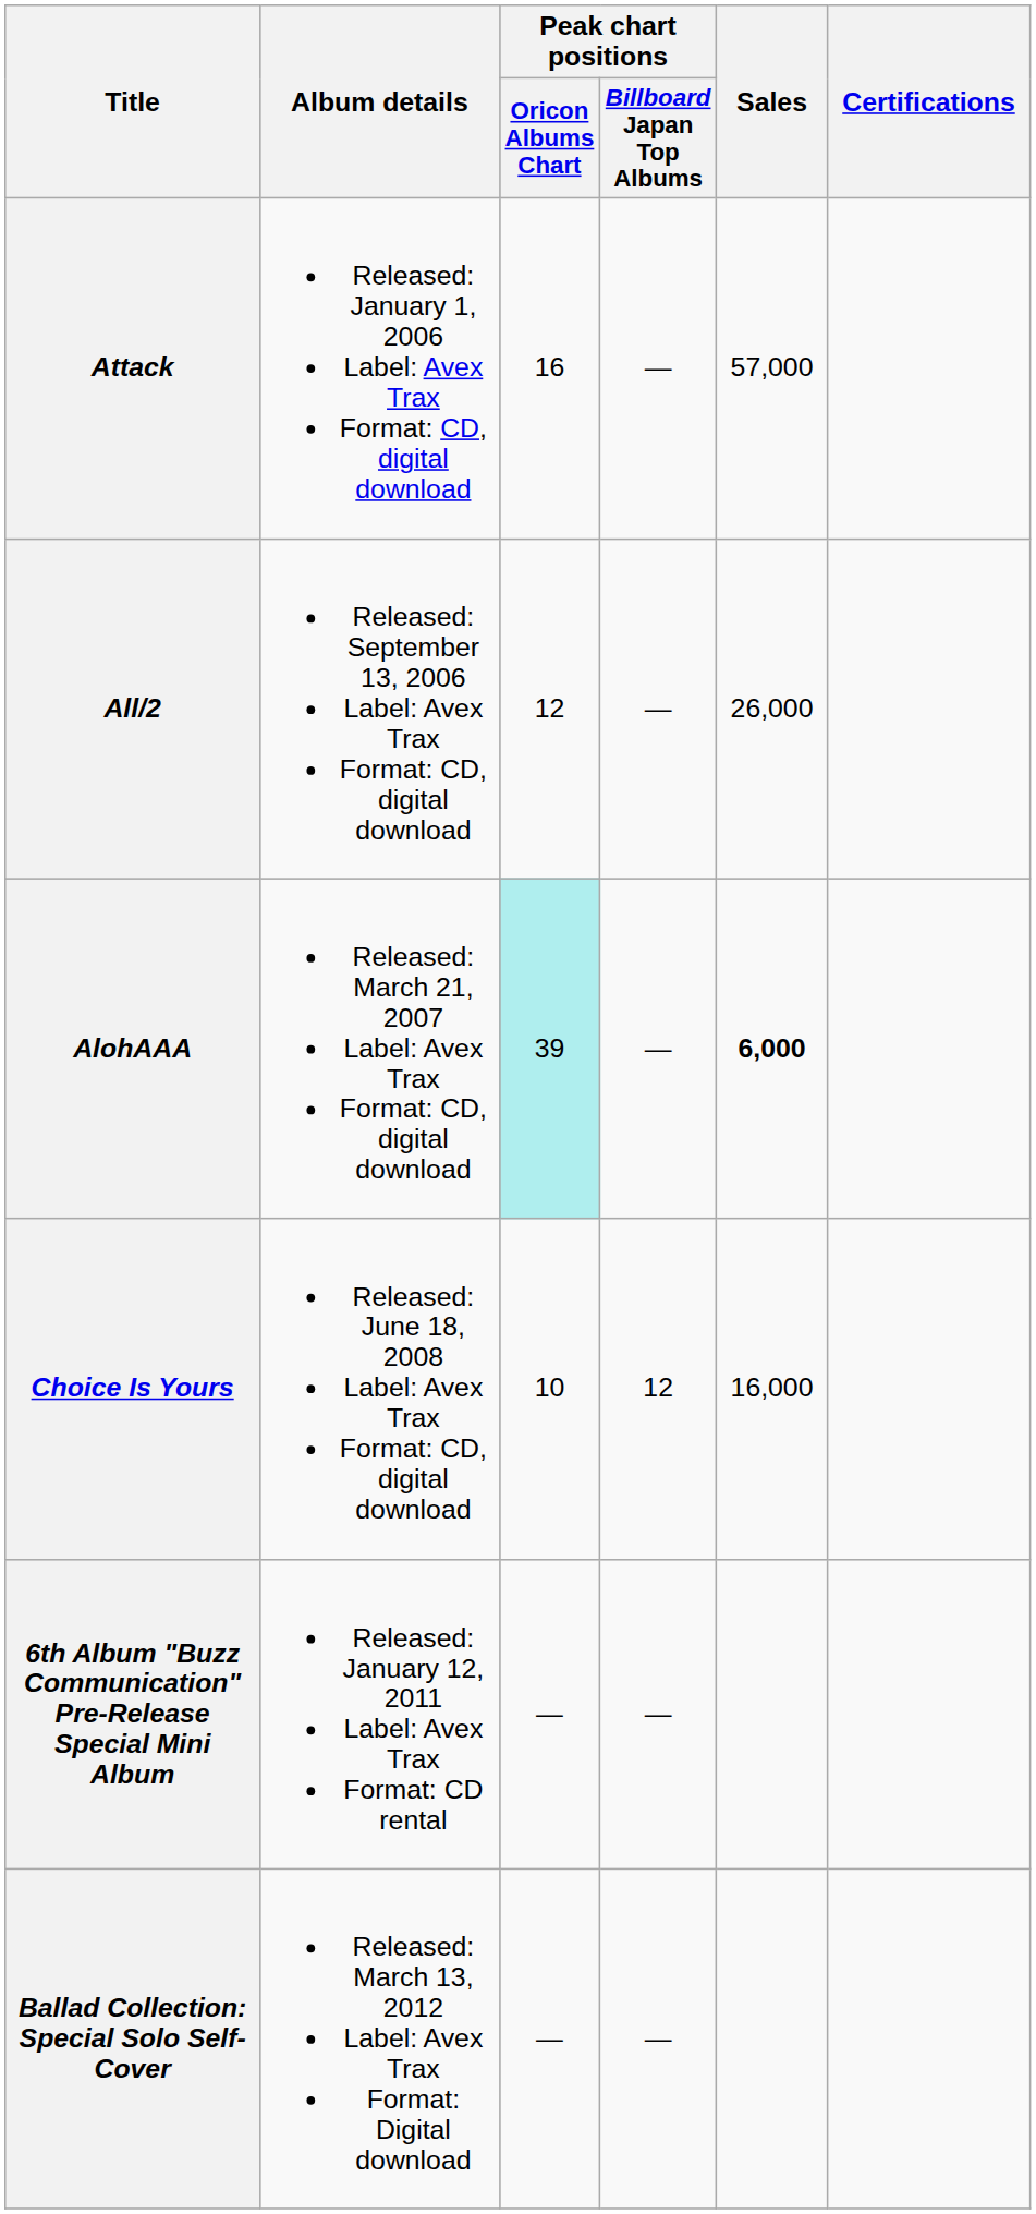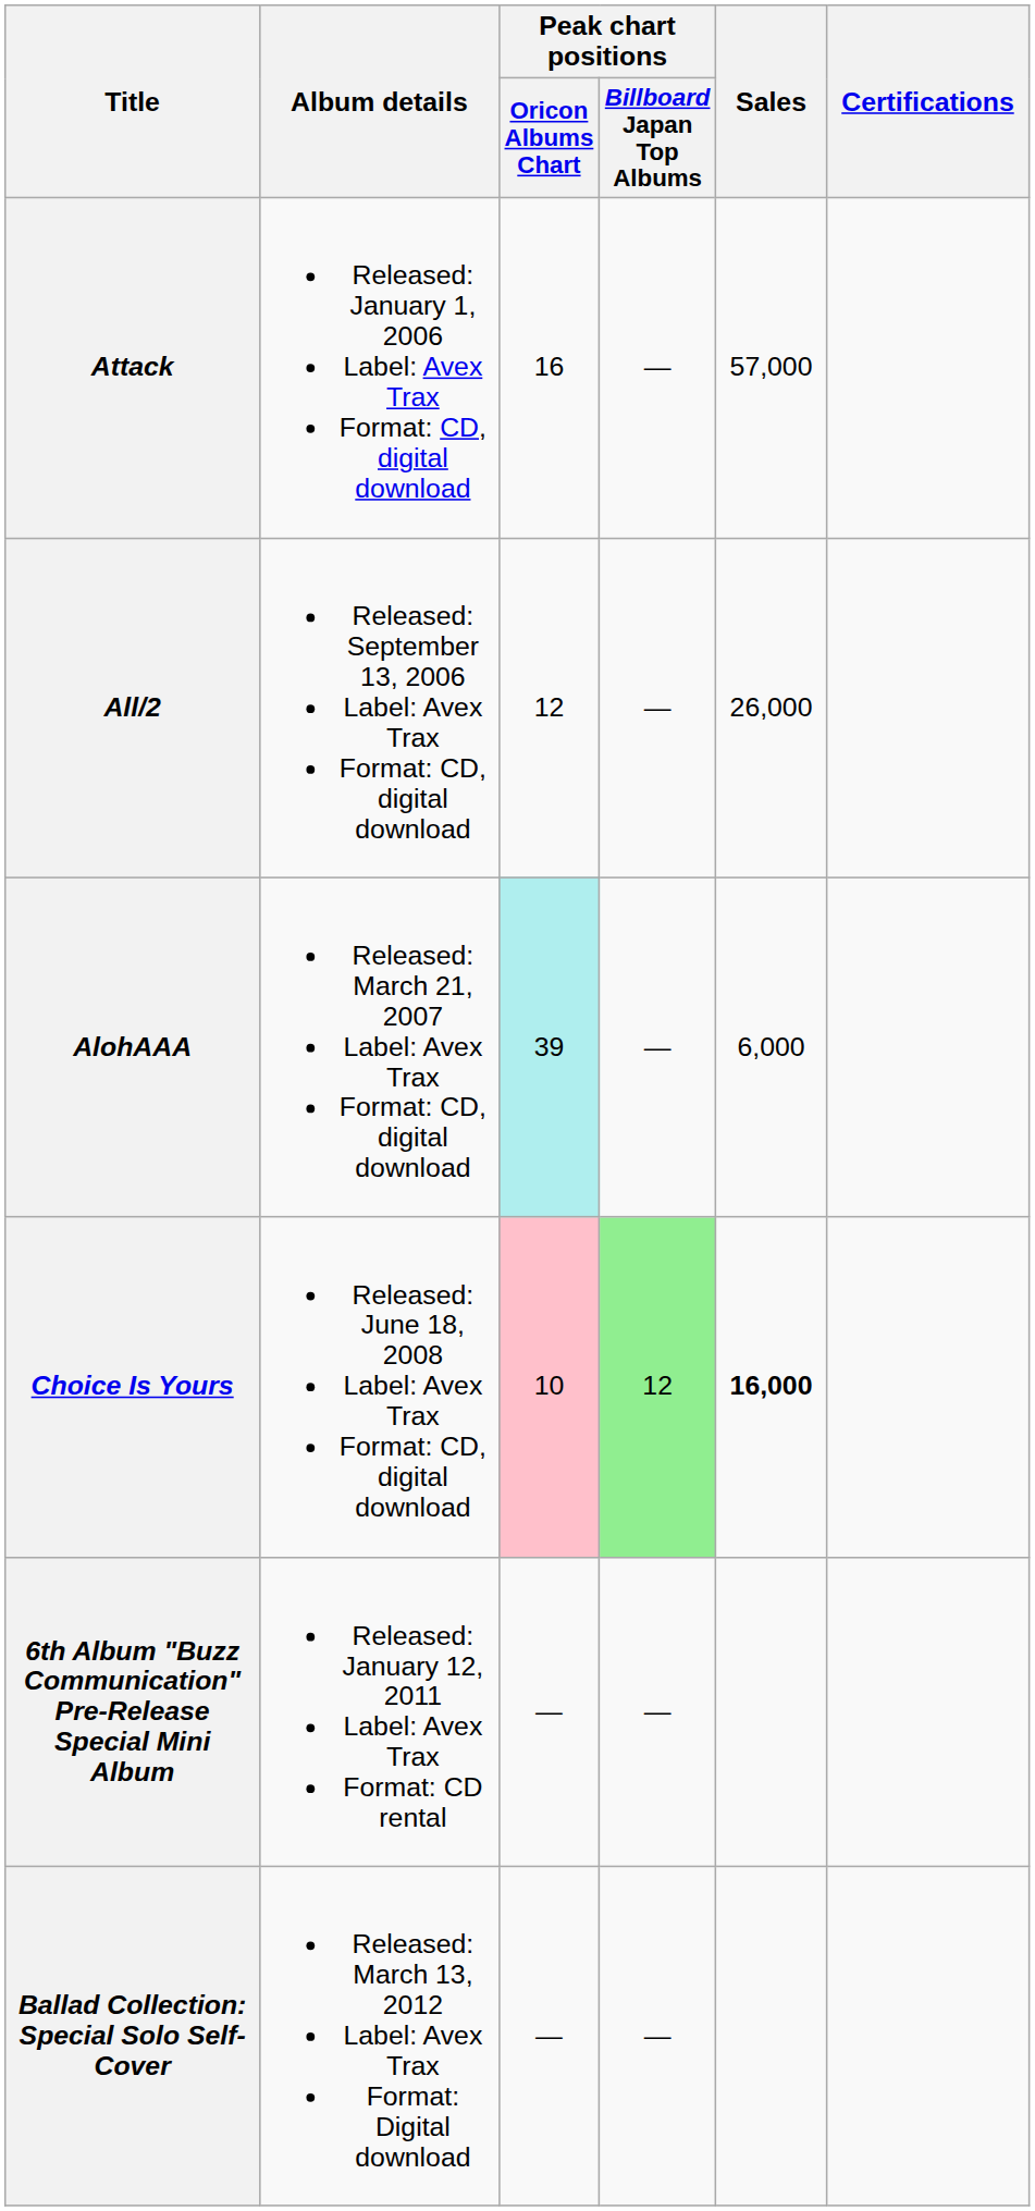 <table class="wikitable plainrowheaders" style="text-align:center;" border="1">
 <tr>
 <th scope="col" rowspan="2" style="width:16em;">Title</th>
 <th scope="col" rowspan="2" style="width:16em;">Album details</th>
 <th scope="col" colspan="2">Peak chart positions</th>
 <th scope="col" rowspan="2" style="width:8em;">Sales</th>
 <th scope="col" rowspan="2" style="width:12em;"><a href='#'>Certifications</a></th>
 </tr>
 <tr>
 <th scope="col" style="width:2.2em;font-size:90%;"><a href='#'>Oricon Albums Chart</a><br></th>
 <th scope="col" style="width:2.2em;font-size:90%;"><em><a href='#'>Billboard</a></em> Japan Top Albums<br></th>
 </tr>
 <tr>
 <th scope="row"><em>Attack</em></th>
 <td><br><ul><li>Released: January 1, 2006</li><li>Label: <a href='#'>Avex Trax</a></li><li>Format: <a href='#'>CD</a>, <a href='#'>digital download</a></li></ul></td>
 <td>16</td>
 <td>—</td>
 <td>57,000</td>
 <td></td>
 </tr>
 <tr>
 <th scope="row"><em>All/2</em></th>
 <td><br><ul><li>Released: September 13, 2006</li><li>Label: Avex Trax</li><li>Format: CD, digital download</li></ul></td>
 <td>12</td>
 <td>—</td>
 <td>26,000</td>
 <td></td>
 </tr>
 <tr>
 <th scope="row"><em>AlohAAA</em></th>
 <td><br><ul><li>Released: March 21, 2007</li><li>Label: Avex Trax</li><li>Format: CD, digital download</li></ul></td>
 <td style="background: paleturquoise;">39</td>
 <td>—</td>
-<td><strong>6,000</strong></td>
+<td>6,000</td>
 <td></td>
 </tr>
 <tr>
 <th scope="row"><em><a href='#'>Choice Is Yours</a></em></th>
 <td><br><ul><li>Released: June 18, 2008</li><li>Label: Avex Trax</li><li>Format: CD, digital download</li></ul></td>
-<td>10</td>
-<td>12</td>
-<td>16,000</td>
+<td style="background: pink;">10</td>
+<td style="background: lightgreen;">12</td>
+<td><strong>16,000</strong></td>
 <td></td>
 </tr>
 <tr>
 <th scope="row"><em>6th Album "Buzz Communication" Pre-Release Special Mini Album</em></th>
 <td><br><ul><li>Released: January 12, 2011</li><li>Label: Avex Trax</li><li>Format: CD rental</li></ul></td>
 <td>—</td>
 <td>—</td>
 <td></td>
 <td></td>
 </tr>
 <tr>
 <th scope="row"><em>Ballad Collection: Special Solo Self-Cover</em></th>
 <td><br><ul><li>Released: March 13, 2012</li><li>Label: Avex Trax</li><li>Format: Digital download</li></ul></td>
 <td>—</td>
 <td>—</td>
 <td></td>
 <td></td>
 </tr>
 </table>
